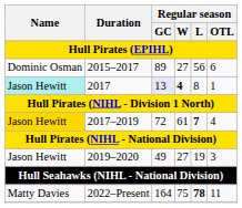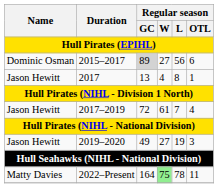 <table class="wikitable">
 <tr>
 <th rowspan="2">Name</th>
 <th rowspan="2">Duration</th>
 <th colspan="4">Regular season</th>
 </tr>
 <tr>
 <th>GC</th>
 <th>W</th>
 <th>L</th>
 <th>OTL</th>
 </tr>
 <tr>
 <td align="center" Colspan="18" style="background: #ffe100"><strong>Hull Pirates (<a href='#'>EPIHL</a>)</strong></td>
 </tr>
 <tr>
 <td>Dominic Osman</td>
 <td>2015–2017</td>
-<td>89</td>
+<td style="background: lightgrey;">89</td>
 <td>27</td>
 <td>56</td>
 <td>6</td>
 </tr>
 <tr>
-<td style="background: paleturquoise;">Jason Hewitt</td>
+<td>Jason Hewitt</td>
 <td>2017</td>
-<td style="background: lavender;">13</td>
-<td><strong>4</strong></td>
+<td>13</td>
+<td>4</td>
 <td>8</td>
 <td>1</td>
 </tr>
 <tr>
 <td align="center" Colspan="18" style="background: #ffe100"><strong>Hull Pirates (<a href='#'>NIHL</a> - Division 1 North)</strong></td>
 </tr>
 <tr>
-<td style="background: gold;">Jason Hewitt</td>
+<td>Jason Hewitt</td>
 <td>2017–2019</td>
 <td>72</td>
 <td>61</td>
-<td><strong>7</strong></td>
+<td>7</td>
 <td>4</td>
 </tr>
 <tr>
 <td align="center" Colspan="18" style="background: #ffe100"><strong>Hull Pirates (<a href='#'>NIHL</a> - National Division)</strong></td>
 </tr>
 <tr>
 <td>Jason Hewitt</td>
 <td>2019–2020</td>
 <td>49</td>
 <td>27</td>
 <td>19</td>
 <td>3</td>
 </tr>
 <tr>
 <td align="center" Colspan="18" style="background:#000000; color:white"><strong>Hull Seahawks (NIHL - National Division)</strong></td>
 </tr>
 <tr>
 <td>Matty Davies</td>
 <td>2022–Present</td>
 <td>164</td>
-<td>75</td>
-<td><strong>78</strong></td>
+<td style="background: lightgreen;">75</td>
+<td>78</td>
 <td>11</td>
 </tr>
 <tr>
 </tr>
 </table>
